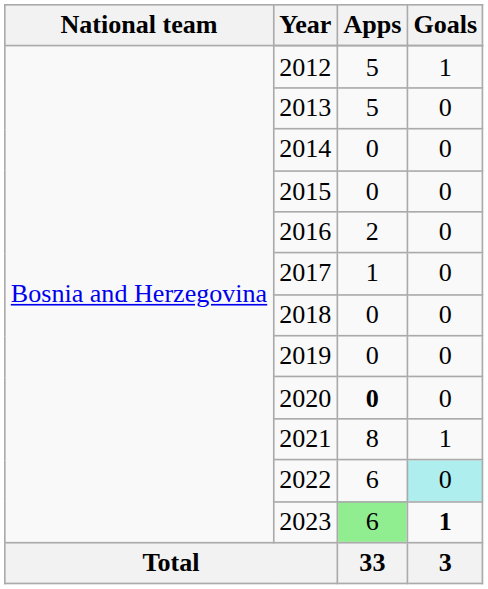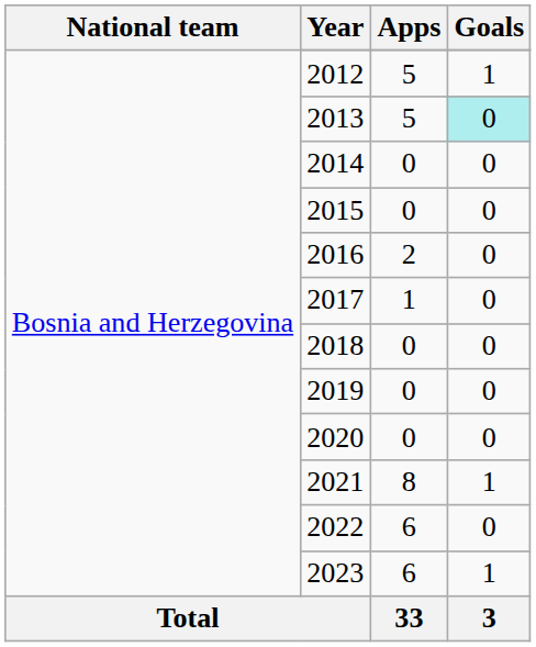 <table class="wikitable" style="text-align:center">
 <tr>
 <th>National team</th>
 <th>Year</th>
 <th>Apps</th>
 <th>Goals</th>
 </tr>
 <tr>
 <td rowspan=13><a href='#'>Bosnia and Herzegovina</a></td>
 </tr>
 <tr>
 <td>2012</td>
 <td>5</td>
 <td>1</td>
 </tr>
 <tr>
 <td>2013</td>
 <td>5</td>
-<td>0</td>
+<td style="background: paleturquoise;">0</td>
 </tr>
 <tr>
 <td>2014</td>
 <td>0</td>
 <td>0</td>
 </tr>
 <tr>
 <td>2015</td>
 <td>0</td>
 <td>0</td>
 </tr>
 <tr>
 <td>2016</td>
 <td>2</td>
 <td>0</td>
 </tr>
 <tr>
 <td>2017</td>
 <td>1</td>
 <td>0</td>
 </tr>
 <tr>
 <td>2018</td>
 <td>0</td>
 <td>0</td>
 </tr>
 <tr>
 <td>2019</td>
 <td>0</td>
 <td>0</td>
 </tr>
 <tr>
 <td>2020</td>
-<td><strong>0</strong></td>
+<td>0</td>
 <td>0</td>
 </tr>
 <tr>
 <td>2021</td>
 <td>8</td>
 <td>1</td>
 </tr>
 <tr>
 <td>2022</td>
 <td>6</td>
-<td style="background: paleturquoise;">0</td>
+<td>0</td>
 </tr>
 <tr>
 <td>2023</td>
-<td style="background: lightgreen;">6</td>
-<td><strong>1</strong></td>
+<td>6</td>
+<td>1</td>
 </tr>
 <tr>
 <th colspan=2>Total</th>
 <th>33</th>
 <th>3</th>
 </tr>
 </table>
